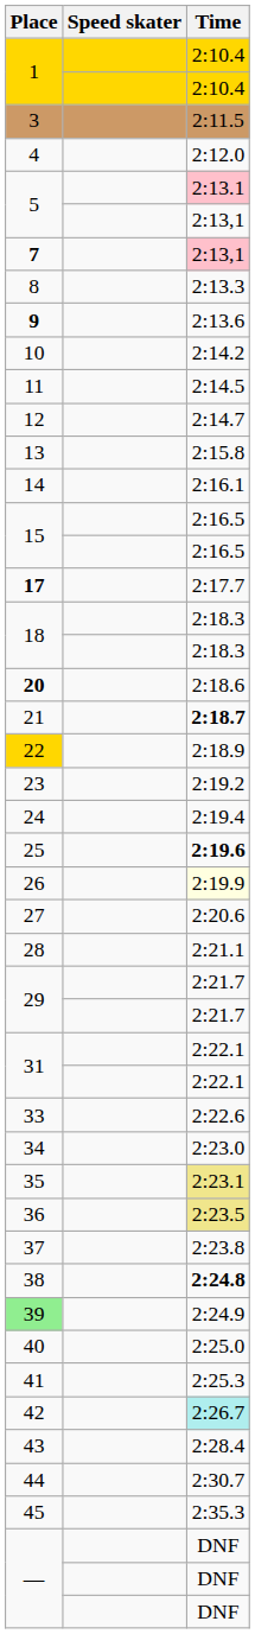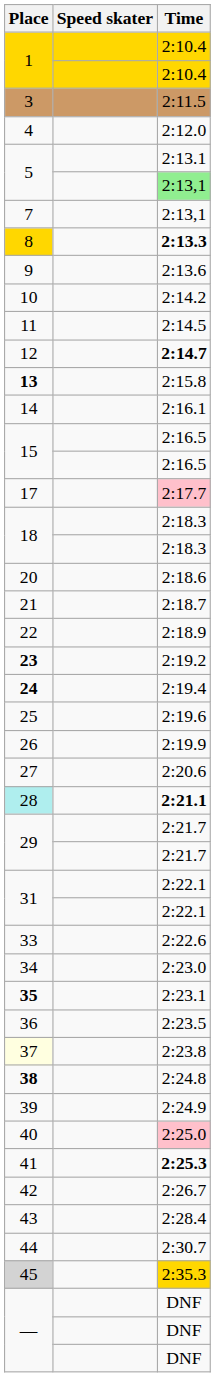 <table class="wikitable" style="text-align:center">
 <tr>
 <th>Place</th>
 <th>Speed skater</th>
 <th>Time</th>
 </tr>
 <tr bgcolor=gold>
 <td rowspan=2>1</td>
 <td align=left></td>
 <td>2:10.4</td>
 </tr>
 <tr bgcolor=gold>
 <td align=left></td>
 <td>2:10.4</td>
 </tr>
 <tr bgcolor=cc9966>
 <td>3</td>
 <td align=left></td>
 <td>2:11.5</td>
 </tr>
 <tr>
 <td>4</td>
 <td align=left></td>
 <td>2:12.0</td>
 </tr>
 <tr>
 <td rowspan=2>5</td>
 <td align=left></td>
-<td style="background: pink;">2:13.1</td>
+<td>2:13.1</td>
 </tr>
 <tr>
+<td align=left></td>
+<td style="background: lightgreen;">2:13,1</td>
+</tr>
+<tr>
+<td>7</td>
 <td align=left></td>
 <td>2:13,1</td>
 </tr>
 <tr>
-<td><strong>7</strong></td>
+<td style="background: gold;">8</td>
 <td align=left></td>
-<td style="background: pink;">2:13,1</td>
+<td><strong>2:13.3</strong></td>
 </tr>
 <tr>
-<td>8</td>
-<td align=left></td>
-<td>2:13.3</td>
-</tr>
-<tr>
-<td><strong>9</strong></td>
+<td>9</td>
 <td align=left></td>
 <td>2:13.6</td>
 </tr>
 <tr>
 <td>10</td>
 <td align=left></td>
 <td>2:14.2</td>
 </tr>
 <tr>
 <td>11</td>
 <td align=left></td>
 <td>2:14.5</td>
 </tr>
 <tr>
 <td>12</td>
 <td align=left></td>
-<td>2:14.7</td>
+<td><strong>2:14.7</strong></td>
 </tr>
 <tr>
-<td>13</td>
+<td><strong>13</strong></td>
 <td align=left></td>
 <td>2:15.8</td>
 </tr>
 <tr>
 <td>14</td>
 <td align=left></td>
 <td>2:16.1</td>
 </tr>
 <tr>
 <td rowspan=2>15</td>
 <td align=left></td>
 <td>2:16.5</td>
 </tr>
 <tr>
 <td align=left></td>
 <td>2:16.5</td>
 </tr>
 <tr>
-<td><strong>17</strong></td>
+<td>17</td>
 <td align=left></td>
-<td>2:17.7</td>
+<td style="background: pink;">2:17.7</td>
 </tr>
 <tr>
 <td rowspan=2>18</td>
 <td align=left></td>
 <td>2:18.3</td>
 </tr>
 <tr>
 <td align=left></td>
 <td>2:18.3</td>
 </tr>
 <tr>
-<td><strong>20</strong></td>
+<td>20</td>
 <td Align=left></td>
 <td>2:18.6</td>
 </tr>
 <tr>
 <td>21</td>
 <td align=left></td>
-<td><strong>2:18.7</strong></td>
+<td>2:18.7</td>
 </tr>
 <tr>
-<td style="background: gold;">22</td>
+<td>22</td>
 <td align=left></td>
 <td>2:18.9</td>
 </tr>
 <tr>
-<td>23</td>
+<td><strong>23</strong></td>
 <td align=left></td>
 <td>2:19.2</td>
 </tr>
 <tr>
-<td>24</td>
+<td><strong>24</strong></td>
 <td align=left></td>
 <td>2:19.4</td>
 </tr>
 <tr>
 <td>25</td>
 <td align=left></td>
-<td><strong>2:19.6</strong></td>
+<td>2:19.6</td>
 </tr>
 <tr>
 <td>26</td>
 <td align=left></td>
-<td style="background: lightyellow;">2:19.9</td>
+<td>2:19.9</td>
 </tr>
 <tr>
 <td>27</td>
 <td align=left></td>
 <td>2:20.6</td>
 </tr>
 <tr>
-<td>28</td>
+<td style="background: paleturquoise;">28</td>
 <td align=left></td>
-<td>2:21.1</td>
+<td><strong>2:21.1</strong></td>
 </tr>
 <tr>
 <td rowspan=2>29</td>
 <td align=left></td>
 <td>2:21.7</td>
 </tr>
 <tr>
 <td align=left></td>
 <td>2:21.7</td>
 </tr>
 <tr>
 <td rowspan=2>31</td>
 <td align=left></td>
 <td>2:22.1</td>
 </tr>
 <tr>
 <td align=left></td>
 <td>2:22.1</td>
 </tr>
 <tr>
 <td>33</td>
 <td align=left></td>
 <td>2:22.6</td>
 </tr>
 <tr>
 <td>34</td>
 <td align=left></td>
 <td>2:23.0</td>
 </tr>
 <tr>
-<td>35</td>
+<td><strong>35</strong></td>
 <td align=left></td>
-<td style="background: khaki;">2:23.1</td>
+<td>2:23.1</td>
 </tr>
 <tr>
 <td>36</td>
 <td align=left></td>
-<td style="background: khaki;">2:23.5</td>
+<td>2:23.5</td>
 </tr>
 <tr>
-<td>37</td>
+<td style="background: lightyellow;">37</td>
 <td align=left></td>
 <td>2:23.8</td>
 </tr>
 <tr>
-<td>38</td>
+<td><strong>38</strong></td>
 <td align=left></td>
-<td><strong>2:24.8</strong></td>
+<td>2:24.8</td>
 </tr>
 <tr>
-<td style="background: lightgreen;">39</td>
+<td>39</td>
 <td align=left></td>
 <td>2:24.9</td>
 </tr>
 <tr>
 <td>40</td>
 <td align=left></td>
-<td>2:25.0</td>
+<td style="background: pink;">2:25.0</td>
 </tr>
 <tr>
 <td>41</td>
 <td align=left></td>
-<td>2:25.3</td>
+<td><strong>2:25.3</strong></td>
 </tr>
 <tr>
 <td>42</td>
 <td align=left></td>
-<td style="background: paleturquoise;">2:26.7</td>
+<td>2:26.7</td>
 </tr>
 <tr>
 <td>43</td>
 <td align=left></td>
 <td>2:28.4</td>
 </tr>
 <tr>
 <td>44</td>
 <td align=left></td>
 <td>2:30.7</td>
 </tr>
 <tr>
-<td>45</td>
+<td style="background: lightgrey;">45</td>
 <td align=left></td>
-<td>2:35.3</td>
+<td style="background: gold;">2:35.3</td>
 </tr>
 <tr>
 <td rowspan=3>—</td>
 <td align=left></td>
 <td>DNF</td>
 </tr>
 <tr>
 <td align=left></td>
 <td>DNF</td>
 </tr>
 <tr>
 <td align=left></td>
 <td>DNF</td>
 </tr>
 </table>
